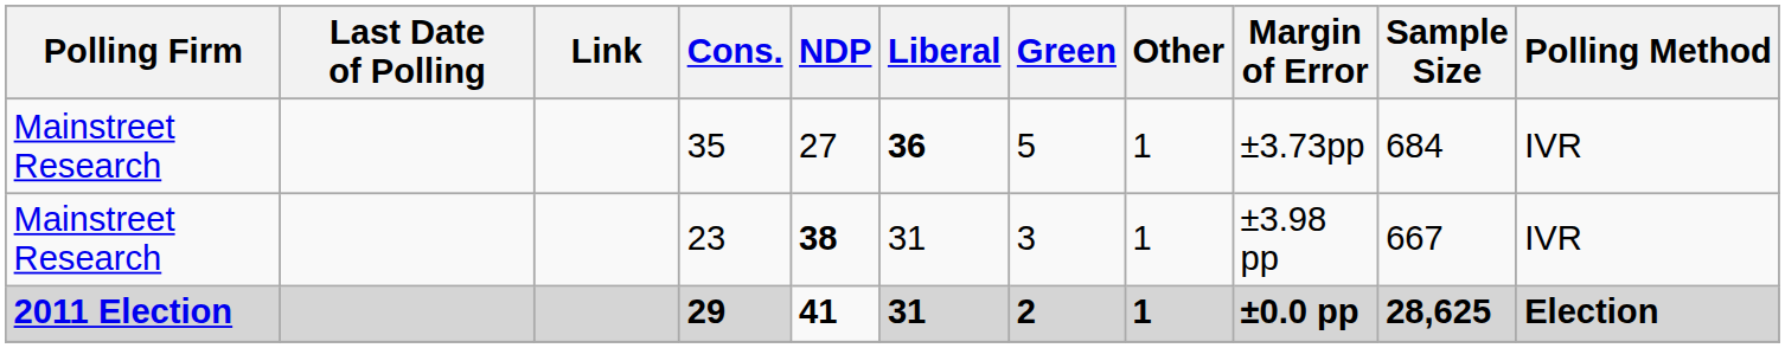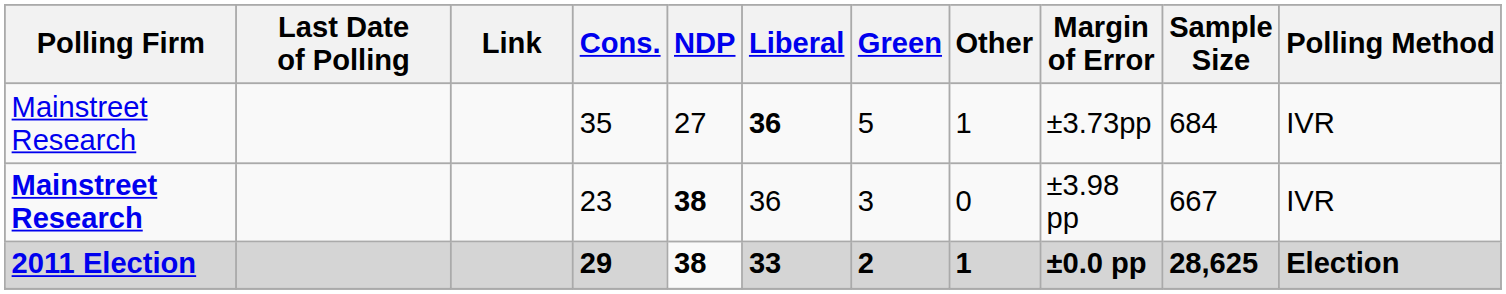 <table class="wikitable sortable">
 <tr style="background:#e9e9e9;">
 <th style="width:120px">Polling Firm</th>
 <th style="width:110px">Last Date<br>of Polling</th>
 <th style="width:60px" class="unsortable">Link</th>
 <th style="background-color:"><strong><a href='#'>Cons.</a></strong></th>
 <th style="background-color:"><strong><a href='#'>NDP</a></strong></th>
 <th style="background-color:"><strong><a href='#'>Liberal</a></strong></th>
 <th style="background-color:"><strong><a href='#'>Green</a></strong></th>
 <th style="background-color:"><strong>Other</strong></th>
 <th style="width:60px;" class=unsortable>Margin<br>of Error</th>
 <th style="width:50px;" class=unsortable>Sample<br>Size</th>
 <th class=unsortable>Polling Method</th>
 </tr>
 <tr>
 <td><a href='#'>Mainstreet Research</a></td>
 <td></td>
 <td></td>
 <td>35</td>
 <td>27</td>
 <td><strong>36</strong></td>
 <td>5</td>
 <td>1</td>
 <td>±3.73pp</td>
 <td>684</td>
 <td>IVR</td>
 </tr>
 <tr>
-<td><a href='#'>Mainstreet Research</a></td>
+<td><strong><a href='#'>Mainstreet Research</a></strong></td>
 <td></td>
 <td></td>
 <td>23</td>
 <td><strong>38</strong></td>
-<td>31</td>
+<td>36</td>
 <td>3</td>
-<td>1</td>
+<td>0</td>
 <td>±3.98 pp</td>
 <td>667</td>
 <td>IVR</td>
 </tr>
 <tr>
 <td style="background:#D5D5D5"><strong><a href='#'>2011 Election</a></strong></td>
 <td style="background:#D5D5D5"><strong></strong></td>
 <td style="background:#D5D5D5"></td>
 <td style="background:#D5D5D5"><strong>29</strong></td>
-<td><strong>41</strong></td>
-<td style="background:#D5D5D5"><strong>31</strong></td>
+<td><strong>38</strong></td>
+<td style="background:#D5D5D5"><strong>33</strong></td>
 <td style="background:#D5D5D5"><strong>2</strong></td>
 <td style="background:#D5D5D5"><strong>1</strong></td>
 <td style="background:#D5D5D5"><strong>±0.0 pp</strong></td>
 <td style="background:#D5D5D5"><strong>28,625</strong></td>
 <td style="background:#D5D5D5"><strong>Election</strong></td>
 </tr>
 <tr>
 </tr>
 <tr>
 </tr>
 </table>
